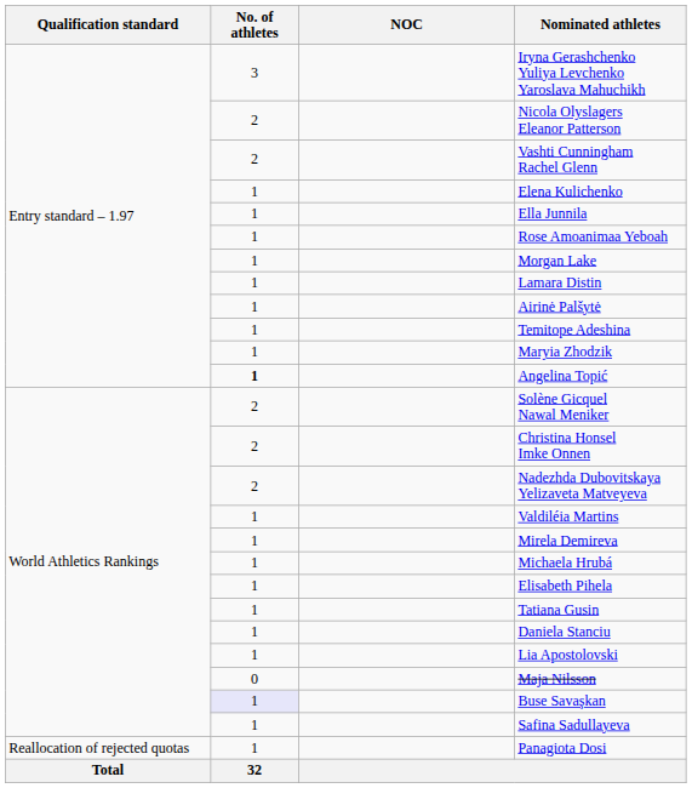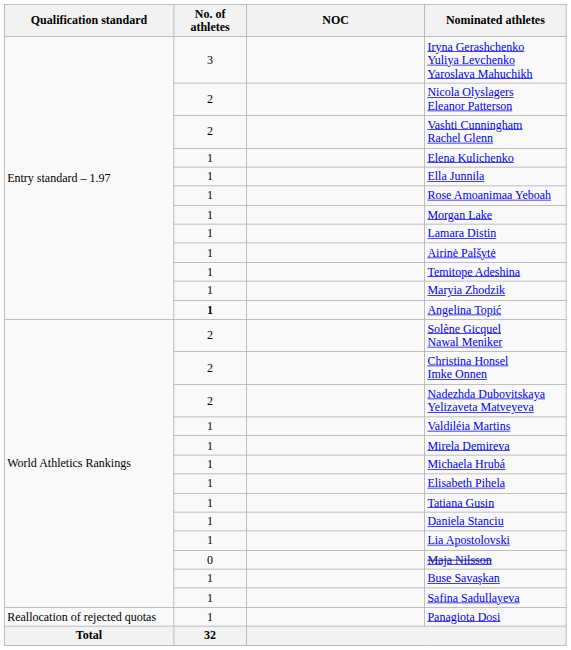 <table class="wikitable sortable" style="text-align:left; width:750px;">
 <tr>
 <th>Qualification standard</th>
 <th width=90>No. of athletes</th>
 <th width=230>NOC</th>
 <th>Nominated athletes</th>
 </tr>
 <tr>
 <td rowspan=12>Entry standard – 1.97</td>
 <td align=center>3</td>
 <td></td>
 <td><a href='#'>Iryna Gerashchenko</a><br><a href='#'>Yuliya Levchenko</a><br><a href='#'>Yaroslava Mahuchikh</a></td>
 </tr>
 <tr>
 <td align=center>2</td>
 <td></td>
 <td><a href='#'>Nicola Olyslagers</a><br><a href='#'>Eleanor Patterson</a></td>
 </tr>
 <tr>
 <td align=center>2</td>
 <td></td>
 <td><a href='#'>Vashti Cunningham</a><br><a href='#'>Rachel Glenn</a></td>
 </tr>
 <tr>
 <td align=center>1</td>
 <td></td>
 <td><a href='#'>Elena Kulichenko</a></td>
 </tr>
 <tr>
 <td align=center>1</td>
 <td></td>
 <td><a href='#'>Ella Junnila</a></td>
 </tr>
 <tr>
 <td align=center>1</td>
 <td></td>
 <td><a href='#'>Rose Amoanimaa Yeboah</a></td>
 </tr>
 <tr>
 <td align=center>1</td>
 <td></td>
 <td><a href='#'>Morgan Lake</a></td>
 </tr>
 <tr>
 <td align=center>1</td>
 <td></td>
 <td><a href='#'>Lamara Distin</a></td>
 </tr>
 <tr>
 <td align=center>1</td>
 <td></td>
 <td><a href='#'>Airinė Palšytė</a></td>
 </tr>
 <tr>
 <td align=center>1</td>
 <td></td>
 <td><a href='#'>Temitope Adeshina</a></td>
 </tr>
 <tr>
 <td align=center>1</td>
 <td></td>
 <td><a href='#'>Maryia Zhodzik</a></td>
 </tr>
 <tr>
 <td align=center><strong>1</strong></td>
 <td></td>
 <td><a href='#'>Angelina Topić</a></td>
 </tr>
 <tr>
 <td rowspan=13>World Athletics Rankings</td>
 <td align=center>2</td>
 <td></td>
 <td><a href='#'>Solène Gicquel</a><br><a href='#'>Nawal Meniker</a></td>
 </tr>
 <tr>
 <td align=center>2</td>
 <td></td>
 <td><a href='#'>Christina Honsel</a><br><a href='#'>Imke Onnen</a></td>
 </tr>
 <tr>
 <td align=center>2</td>
 <td></td>
 <td><a href='#'>Nadezhda Dubovitskaya</a><br><a href='#'>Yelizaveta Matveyeva</a></td>
 </tr>
 <tr>
 <td align=center>1</td>
 <td></td>
 <td><a href='#'>Valdiléia Martins</a></td>
 </tr>
 <tr>
 <td align=center>1</td>
 <td></td>
 <td><a href='#'>Mirela Demireva</a></td>
 </tr>
 <tr>
 <td align=center>1</td>
 <td></td>
 <td><a href='#'>Michaela Hrubá</a></td>
 </tr>
 <tr>
 <td align=center>1</td>
 <td></td>
 <td><a href='#'>Elisabeth Pihela</a></td>
 </tr>
 <tr>
 <td align=center>1</td>
 <td></td>
 <td><a href='#'>Tatiana Gusin</a></td>
 </tr>
 <tr>
 <td align=center>1</td>
 <td></td>
 <td><a href='#'>Daniela Stanciu</a></td>
 </tr>
 <tr>
 <td align=center>1</td>
 <td></td>
 <td><a href='#'>Lia Apostolovski</a></td>
 </tr>
 <tr>
 <td align=center>0</td>
 <td><s></s></td>
 <td><s><a href='#'>Maja Nilsson</a></s></td>
 </tr>
 <tr>
-<td align=center style="background: lavender;">1</td>
+<td align=center>1</td>
 <td></td>
 <td><a href='#'>Buse Savaşkan</a></td>
 </tr>
 <tr>
 <td align=center>1</td>
 <td></td>
 <td><a href='#'>Safina Sadullayeva</a></td>
 </tr>
 <tr>
 <td>Reallocation of rejected quotas</td>
 <td align=center>1</td>
 <td></td>
 <td><a href='#'>Panagiota Dosi</a></td>
 </tr>
 <tr>
 <th>Total</th>
 <th>32</th>
 <th colspan=2></th>
 </tr>
 </table>
